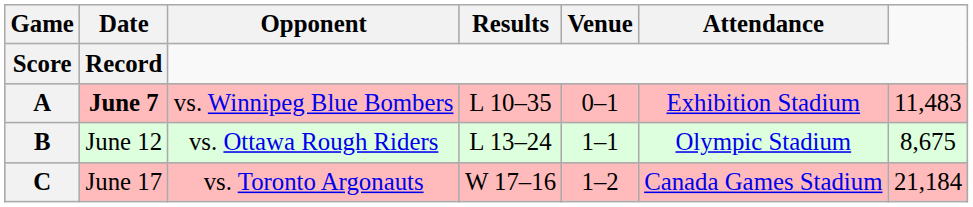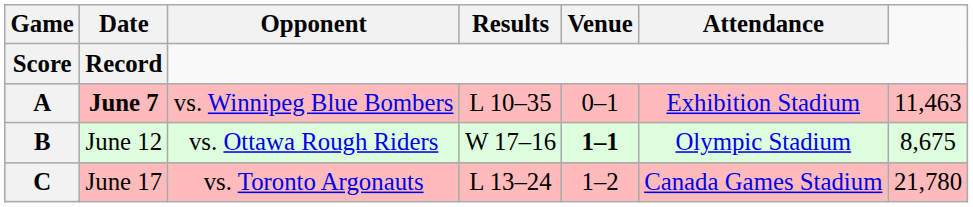 <table class="wikitable" style="text-align:center">
 <tr>
 <th>Game</th>
 <th>Date</th>
 <th>Opponent</th>
 <th>Results</th>
 <th>Venue</th>
 <th>Attendance</th>
 </tr>
 <tr>
 <th>Score</th>
 <th>Record</th>
 </tr>
 <tr style="background:#ffbbbb">
 <th>A</th>
 <td><strong>June 7</strong></td>
 <td>vs. <a href='#'>Winnipeg Blue Bombers</a></td>
 <td>L 10–35</td>
 <td>0–1</td>
 <td><a href='#'>Exhibition Stadium</a></td>
-<td>11,483</td>
+<td>11,463</td>
 </tr>
 <tr style="background:#ddffdd">
 <th>B</th>
 <td>June 12</td>
 <td>vs. <a href='#'>Ottawa Rough Riders</a></td>
-<td>L 13–24</td>
-<td>1–1</td>
+<td>W 17–16</td>
+<td><strong>1–1</strong></td>
 <td><a href='#'>Olympic Stadium</a></td>
 <td>8,675</td>
 </tr>
 <tr style="background:#ffbbbb">
 <th>C</th>
 <td>June 17</td>
 <td>vs. <a href='#'>Toronto Argonauts</a></td>
-<td>W 17–16</td>
+<td>L 13–24</td>
 <td>1–2</td>
 <td><a href='#'>Canada Games Stadium</a></td>
-<td>21,184</td>
+<td>21,780</td>
 </tr>
 </table>
